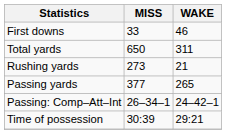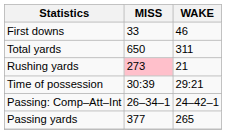 <table class="wikitable" style="float: left;">
 <tr>
 <th>Statistics</th>
 <th>MISS</th>
 <th>WAKE</th>
 </tr>
 <tr>
 <td>First downs</td>
 <td>33</td>
 <td>46</td>
 </tr>
 <tr>
 <td>Total yards</td>
 <td>650</td>
 <td>311</td>
 </tr>
 <tr>
 <td>Rushing yards</td>
-<td>273</td>
+<td style="background: pink;">273</td>
 <td>21</td>
+</tr>
+<tr>
+<td>Time of possession</td>
+<td>30:39</td>
+<td>29:21</td>
+</tr>
+<tr>
+<td>Passing: Comp–Att–Int</td>
+<td>26–34–1</td>
+<td>24–42–1</td>
 </tr>
 <tr>
 <td>Passing yards</td>
 <td>377</td>
 <td>265</td>
 </tr>
 <tr>
-<td>Passing: Comp–Att–Int</td>
-<td>26–34–1</td>
-<td>24–42–1</td>
-</tr>
-<tr>
-<td>Time of possession</td>
-<td>30:39</td>
-<td>29:21</td>
-</tr>
-<tr>
 </tr>
 </table>
